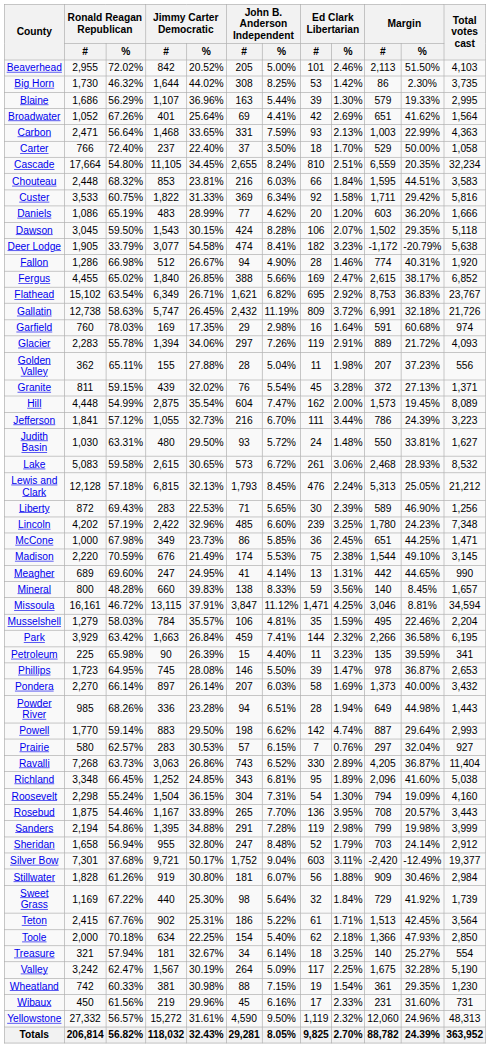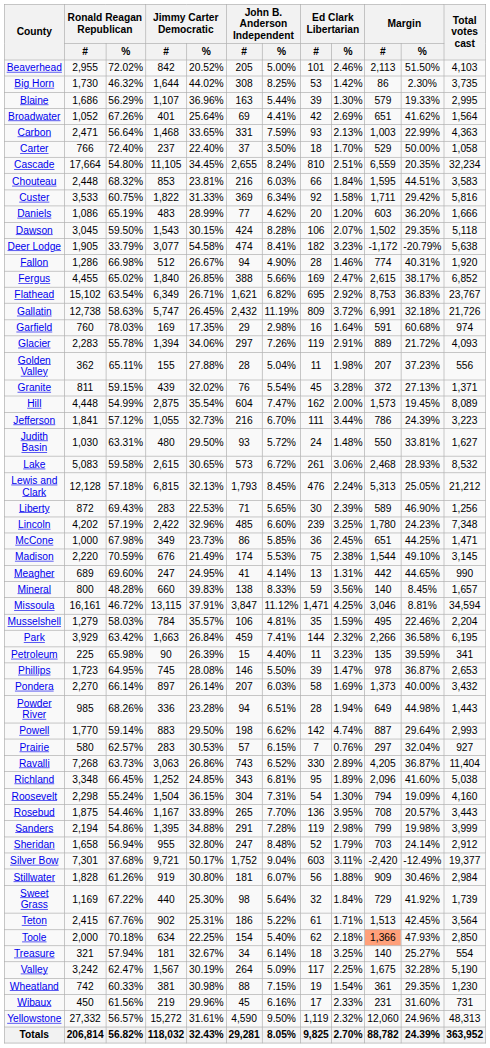 <table width="65%"  class="wikitable sortable" style="text-align:center">
 <tr>
 <th colspan="1" rowspan="2">County</th>
 <th style="text-align:center;" colspan="2">Ronald Reagan<br>Republican</th>
 <th style="text-align:center;" colspan="2">Jimmy Carter<br>Democratic</th>
 <th style="text-align:center;" colspan="2">John B. Anderson<br>Independent</th>
 <th style="text-align:center;" colspan="2">Ed Clark<br>Libertarian</th>
 <th style="text-align:center;" colspan="2">Margin</th>
 <th colspan="1" rowspan="2" style="text-align:center;">Total votes cast</th>
 </tr>
 <tr>
 <th style="text-align:center;" data-sort-type="number">#</th>
 <th style="text-align:center;" data-sort-type="number">%</th>
 <th style="text-align:center;" data-sort-type="number">#</th>
 <th style="text-align:center;" data-sort-type="number">%</th>
 <th style="text-align:center;" data-sort-type="number">#</th>
 <th style="text-align:center;" data-sort-type="number">%</th>
 <th style="text-align:center;" data-sort-type="number">#</th>
 <th style="text-align:center;" data-sort-type="number">%</th>
 <th style="text-align:center;" data-sort-type="number">#</th>
 <th style="text-align:center;" data-sort-type="number">%</th>
 </tr>
 <tr style="text-align:center;">
 <td><a href='#'>Beaverhead</a></td>
 <td>2,955</td>
 <td>72.02%</td>
 <td>842</td>
 <td>20.52%</td>
 <td>205</td>
 <td>5.00%</td>
 <td>101</td>
 <td>2.46%</td>
 <td>2,113</td>
 <td>51.50%</td>
 <td>4,103</td>
 </tr>
 <tr style="text-align:center;">
 <td><a href='#'>Big Horn</a></td>
 <td>1,730</td>
 <td>46.32%</td>
 <td>1,644</td>
 <td>44.02%</td>
 <td>308</td>
 <td>8.25%</td>
 <td>53</td>
 <td>1.42%</td>
 <td>86</td>
 <td>2.30%</td>
 <td>3,735</td>
 </tr>
 <tr style="text-align:center;">
 <td><a href='#'>Blaine</a></td>
 <td>1,686</td>
 <td>56.29%</td>
 <td>1,107</td>
 <td>36.96%</td>
 <td>163</td>
 <td>5.44%</td>
 <td>39</td>
 <td>1.30%</td>
 <td>579</td>
 <td>19.33%</td>
 <td>2,995</td>
 </tr>
 <tr style="text-align:center;">
 <td><a href='#'>Broadwater</a></td>
 <td>1,052</td>
 <td>67.26%</td>
 <td>401</td>
 <td>25.64%</td>
 <td>69</td>
 <td>4.41%</td>
 <td>42</td>
 <td>2.69%</td>
 <td>651</td>
 <td>41.62%</td>
 <td>1,564</td>
 </tr>
 <tr style="text-align:center;">
 <td><a href='#'>Carbon</a></td>
 <td>2,471</td>
 <td>56.64%</td>
 <td>1,468</td>
 <td>33.65%</td>
 <td>331</td>
 <td>7.59%</td>
 <td>93</td>
 <td>2.13%</td>
 <td>1,003</td>
 <td>22.99%</td>
 <td>4,363</td>
 </tr>
 <tr style="text-align:center;">
 <td><a href='#'>Carter</a></td>
 <td>766</td>
 <td>72.40%</td>
 <td>237</td>
 <td>22.40%</td>
 <td>37</td>
 <td>3.50%</td>
 <td>18</td>
 <td>1.70%</td>
 <td>529</td>
 <td>50.00%</td>
 <td>1,058</td>
 </tr>
 <tr style="text-align:center;">
 <td><a href='#'>Cascade</a></td>
 <td>17,664</td>
 <td>54.80%</td>
 <td>11,105</td>
 <td>34.45%</td>
 <td>2,655</td>
 <td>8.24%</td>
 <td>810</td>
 <td>2.51%</td>
 <td>6,559</td>
 <td>20.35%</td>
 <td>32,234</td>
 </tr>
 <tr style="text-align:center;">
 <td><a href='#'>Chouteau</a></td>
 <td>2,448</td>
 <td>68.32%</td>
 <td>853</td>
 <td>23.81%</td>
 <td>216</td>
 <td>6.03%</td>
 <td>66</td>
 <td>1.84%</td>
 <td>1,595</td>
 <td>44.51%</td>
 <td>3,583</td>
 </tr>
 <tr style="text-align:center;">
 <td><a href='#'>Custer</a></td>
 <td>3,533</td>
 <td>60.75%</td>
 <td>1,822</td>
 <td>31.33%</td>
 <td>369</td>
 <td>6.34%</td>
 <td>92</td>
 <td>1.58%</td>
 <td>1,711</td>
 <td>29.42%</td>
 <td>5,816</td>
 </tr>
 <tr style="text-align:center;">
 <td><a href='#'>Daniels</a></td>
 <td>1,086</td>
 <td>65.19%</td>
 <td>483</td>
 <td>28.99%</td>
 <td>77</td>
 <td>4.62%</td>
 <td>20</td>
 <td>1.20%</td>
 <td>603</td>
 <td>36.20%</td>
 <td>1,666</td>
 </tr>
 <tr style="text-align:center;">
 <td><a href='#'>Dawson</a></td>
 <td>3,045</td>
 <td>59.50%</td>
 <td>1,543</td>
 <td>30.15%</td>
 <td>424</td>
 <td>8.28%</td>
 <td>106</td>
 <td>2.07%</td>
 <td>1,502</td>
 <td>29.35%</td>
 <td>5,118</td>
 </tr>
 <tr style="text-align:center;">
 <td><a href='#'>Deer Lodge</a></td>
 <td>1,905</td>
 <td>33.79%</td>
 <td>3,077</td>
 <td>54.58%</td>
 <td>474</td>
 <td>8.41%</td>
 <td>182</td>
 <td>3.23%</td>
 <td>-1,172</td>
 <td>-20.79%</td>
 <td>5,638</td>
 </tr>
 <tr style="text-align:center;">
 <td><a href='#'>Fallon</a></td>
 <td>1,286</td>
 <td>66.98%</td>
 <td>512</td>
 <td>26.67%</td>
 <td>94</td>
 <td>4.90%</td>
 <td>28</td>
 <td>1.46%</td>
 <td>774</td>
 <td>40.31%</td>
 <td>1,920</td>
 </tr>
 <tr style="text-align:center;">
 <td><a href='#'>Fergus</a></td>
 <td>4,455</td>
 <td>65.02%</td>
 <td>1,840</td>
 <td>26.85%</td>
 <td>388</td>
 <td>5.66%</td>
 <td>169</td>
 <td>2.47%</td>
 <td>2,615</td>
 <td>38.17%</td>
 <td>6,852</td>
 </tr>
 <tr style="text-align:center;">
 <td><a href='#'>Flathead</a></td>
 <td>15,102</td>
 <td>63.54%</td>
 <td>6,349</td>
 <td>26.71%</td>
 <td>1,621</td>
 <td>6.82%</td>
 <td>695</td>
 <td>2.92%</td>
 <td>8,753</td>
 <td>36.83%</td>
 <td>23,767</td>
 </tr>
 <tr style="text-align:center;">
 <td><a href='#'>Gallatin</a></td>
 <td>12,738</td>
 <td>58.63%</td>
 <td>5,747</td>
 <td>26.45%</td>
 <td>2,432</td>
 <td>11.19%</td>
 <td>809</td>
 <td>3.72%</td>
 <td>6,991</td>
 <td>32.18%</td>
 <td>21,726</td>
 </tr>
 <tr style="text-align:center;">
 <td><a href='#'>Garfield</a></td>
 <td>760</td>
 <td>78.03%</td>
 <td>169</td>
 <td>17.35%</td>
 <td>29</td>
 <td>2.98%</td>
 <td>16</td>
 <td>1.64%</td>
 <td>591</td>
 <td>60.68%</td>
 <td>974</td>
 </tr>
 <tr style="text-align:center;">
 <td><a href='#'>Glacier</a></td>
 <td>2,283</td>
 <td>55.78%</td>
 <td>1,394</td>
 <td>34.06%</td>
 <td>297</td>
 <td>7.26%</td>
 <td>119</td>
 <td>2.91%</td>
 <td>889</td>
 <td>21.72%</td>
 <td>4,093</td>
 </tr>
 <tr style="text-align:center;">
 <td><a href='#'>Golden Valley</a></td>
 <td>362</td>
 <td>65.11%</td>
 <td>155</td>
 <td>27.88%</td>
 <td>28</td>
 <td>5.04%</td>
 <td>11</td>
 <td>1.98%</td>
 <td>207</td>
 <td>37.23%</td>
 <td>556</td>
 </tr>
 <tr style="text-align:center;">
 <td><a href='#'>Granite</a></td>
 <td>811</td>
 <td>59.15%</td>
 <td>439</td>
 <td>32.02%</td>
 <td>76</td>
 <td>5.54%</td>
 <td>45</td>
 <td>3.28%</td>
 <td>372</td>
 <td>27.13%</td>
 <td>1,371</td>
 </tr>
 <tr style="text-align:center;">
 <td><a href='#'>Hill</a></td>
 <td>4,448</td>
 <td>54.99%</td>
 <td>2,875</td>
 <td>35.54%</td>
 <td>604</td>
 <td>7.47%</td>
 <td>162</td>
 <td>2.00%</td>
 <td>1,573</td>
 <td>19.45%</td>
 <td>8,089</td>
 </tr>
 <tr style="text-align:center;">
 <td><a href='#'>Jefferson</a></td>
 <td>1,841</td>
 <td>57.12%</td>
 <td>1,055</td>
 <td>32.73%</td>
 <td>216</td>
 <td>6.70%</td>
 <td>111</td>
 <td>3.44%</td>
 <td>786</td>
 <td>24.39%</td>
 <td>3,223</td>
 </tr>
 <tr style="text-align:center;">
 <td><a href='#'>Judith Basin</a></td>
 <td>1,030</td>
 <td>63.31%</td>
 <td>480</td>
 <td>29.50%</td>
 <td>93</td>
 <td>5.72%</td>
 <td>24</td>
 <td>1.48%</td>
 <td>550</td>
 <td>33.81%</td>
 <td>1,627</td>
 </tr>
 <tr style="text-align:center;">
 <td><a href='#'>Lake</a></td>
 <td>5,083</td>
 <td>59.58%</td>
 <td>2,615</td>
 <td>30.65%</td>
 <td>573</td>
 <td>6.72%</td>
 <td>261</td>
 <td>3.06%</td>
 <td>2,468</td>
 <td>28.93%</td>
 <td>8,532</td>
 </tr>
 <tr style="text-align:center;">
 <td><a href='#'>Lewis and Clark</a></td>
 <td>12,128</td>
 <td>57.18%</td>
 <td>6,815</td>
 <td>32.13%</td>
 <td>1,793</td>
 <td>8.45%</td>
 <td>476</td>
 <td>2.24%</td>
 <td>5,313</td>
 <td>25.05%</td>
 <td>21,212</td>
 </tr>
 <tr style="text-align:center;">
 <td><a href='#'>Liberty</a></td>
 <td>872</td>
 <td>69.43%</td>
 <td>283</td>
 <td>22.53%</td>
 <td>71</td>
 <td>5.65%</td>
 <td>30</td>
 <td>2.39%</td>
 <td>589</td>
 <td>46.90%</td>
 <td>1,256</td>
 </tr>
 <tr style="text-align:center;">
 <td><a href='#'>Lincoln</a></td>
 <td>4,202</td>
 <td>57.19%</td>
 <td>2,422</td>
 <td>32.96%</td>
 <td>485</td>
 <td>6.60%</td>
 <td>239</td>
 <td>3.25%</td>
 <td>1,780</td>
 <td>24.23%</td>
 <td>7,348</td>
 </tr>
 <tr style="text-align:center;">
 <td><a href='#'>McCone</a></td>
 <td>1,000</td>
 <td>67.98%</td>
 <td>349</td>
 <td>23.73%</td>
 <td>86</td>
 <td>5.85%</td>
 <td>36</td>
 <td>2.45%</td>
 <td>651</td>
 <td>44.25%</td>
 <td>1,471</td>
 </tr>
 <tr style="text-align:center;">
 <td><a href='#'>Madison</a></td>
 <td>2,220</td>
 <td>70.59%</td>
 <td>676</td>
 <td>21.49%</td>
 <td>174</td>
 <td>5.53%</td>
 <td>75</td>
 <td>2.38%</td>
 <td>1,544</td>
 <td>49.10%</td>
 <td>3,145</td>
 </tr>
 <tr style="text-align:center;">
 <td><a href='#'>Meagher</a></td>
 <td>689</td>
 <td>69.60%</td>
 <td>247</td>
 <td>24.95%</td>
 <td>41</td>
 <td>4.14%</td>
 <td>13</td>
 <td>1.31%</td>
 <td>442</td>
 <td>44.65%</td>
 <td>990</td>
 </tr>
 <tr style="text-align:center;">
 <td><a href='#'>Mineral</a></td>
 <td>800</td>
 <td>48.28%</td>
 <td>660</td>
 <td>39.83%</td>
 <td>138</td>
 <td>8.33%</td>
 <td>59</td>
 <td>3.56%</td>
 <td>140</td>
 <td>8.45%</td>
 <td>1,657</td>
 </tr>
 <tr style="text-align:center;">
 <td><a href='#'>Missoula</a></td>
 <td>16,161</td>
 <td>46.72%</td>
 <td>13,115</td>
 <td>37.91%</td>
 <td>3,847</td>
 <td>11.12%</td>
 <td>1,471</td>
 <td>4.25%</td>
 <td>3,046</td>
 <td>8.81%</td>
 <td>34,594</td>
 </tr>
 <tr style="text-align:center;">
 <td><a href='#'>Musselshell</a></td>
 <td>1,279</td>
 <td>58.03%</td>
 <td>784</td>
 <td>35.57%</td>
 <td>106</td>
 <td>4.81%</td>
 <td>35</td>
 <td>1.59%</td>
 <td>495</td>
 <td>22.46%</td>
 <td>2,204</td>
 </tr>
 <tr style="text-align:center;">
 <td><a href='#'>Park</a></td>
 <td>3,929</td>
 <td>63.42%</td>
 <td>1,663</td>
 <td>26.84%</td>
 <td>459</td>
 <td>7.41%</td>
 <td>144</td>
 <td>2.32%</td>
 <td>2,266</td>
 <td>36.58%</td>
 <td>6,195</td>
 </tr>
 <tr style="text-align:center;">
 <td><a href='#'>Petroleum</a></td>
 <td>225</td>
 <td>65.98%</td>
 <td>90</td>
 <td>26.39%</td>
 <td>15</td>
 <td>4.40%</td>
 <td>11</td>
 <td>3.23%</td>
 <td>135</td>
 <td>39.59%</td>
 <td>341</td>
 </tr>
 <tr style="text-align:center;">
 <td><a href='#'>Phillips</a></td>
 <td>1,723</td>
 <td>64.95%</td>
 <td>745</td>
 <td>28.08%</td>
 <td>146</td>
 <td>5.50%</td>
 <td>39</td>
 <td>1.47%</td>
 <td>978</td>
 <td>36.87%</td>
 <td>2,653</td>
 </tr>
 <tr style="text-align:center;">
 <td><a href='#'>Pondera</a></td>
 <td>2,270</td>
 <td>66.14%</td>
 <td>897</td>
 <td>26.14%</td>
 <td>207</td>
 <td>6.03%</td>
 <td>58</td>
 <td>1.69%</td>
 <td>1,373</td>
 <td>40.00%</td>
 <td>3,432</td>
 </tr>
 <tr style="text-align:center;">
 <td><a href='#'>Powder River</a></td>
 <td>985</td>
 <td>68.26%</td>
 <td>336</td>
 <td>23.28%</td>
 <td>94</td>
 <td>6.51%</td>
 <td>28</td>
 <td>1.94%</td>
 <td>649</td>
 <td>44.98%</td>
 <td>1,443</td>
 </tr>
 <tr style="text-align:center;">
 <td><a href='#'>Powell</a></td>
 <td>1,770</td>
 <td>59.14%</td>
 <td>883</td>
 <td>29.50%</td>
 <td>198</td>
 <td>6.62%</td>
 <td>142</td>
 <td>4.74%</td>
 <td>887</td>
 <td>29.64%</td>
 <td>2,993</td>
 </tr>
 <tr style="text-align:center;">
 <td><a href='#'>Prairie</a></td>
 <td>580</td>
 <td>62.57%</td>
 <td>283</td>
 <td>30.53%</td>
 <td>57</td>
 <td>6.15%</td>
 <td>7</td>
 <td>0.76%</td>
 <td>297</td>
 <td>32.04%</td>
 <td>927</td>
 </tr>
 <tr style="text-align:center;">
 <td><a href='#'>Ravalli</a></td>
 <td>7,268</td>
 <td>63.73%</td>
 <td>3,063</td>
 <td>26.86%</td>
 <td>743</td>
 <td>6.52%</td>
 <td>330</td>
 <td>2.89%</td>
 <td>4,205</td>
 <td>36.87%</td>
 <td>11,404</td>
 </tr>
 <tr style="text-align:center;">
 <td><a href='#'>Richland</a></td>
 <td>3,348</td>
 <td>66.45%</td>
 <td>1,252</td>
 <td>24.85%</td>
 <td>343</td>
 <td>6.81%</td>
 <td>95</td>
 <td>1.89%</td>
 <td>2,096</td>
 <td>41.60%</td>
 <td>5,038</td>
 </tr>
 <tr style="text-align:center;">
 <td><a href='#'>Roosevelt</a></td>
 <td>2,298</td>
 <td>55.24%</td>
 <td>1,504</td>
 <td>36.15%</td>
 <td>304</td>
 <td>7.31%</td>
 <td>54</td>
 <td>1.30%</td>
 <td>794</td>
 <td>19.09%</td>
 <td>4,160</td>
 </tr>
 <tr style="text-align:center;">
 <td><a href='#'>Rosebud</a></td>
 <td>1,875</td>
 <td>54.46%</td>
 <td>1,167</td>
 <td>33.89%</td>
 <td>265</td>
 <td>7.70%</td>
 <td>136</td>
 <td>3.95%</td>
 <td>708</td>
 <td>20.57%</td>
 <td>3,443</td>
 </tr>
 <tr style="text-align:center;">
 <td><a href='#'>Sanders</a></td>
 <td>2,194</td>
 <td>54.86%</td>
 <td>1,395</td>
 <td>34.88%</td>
 <td>291</td>
 <td>7.28%</td>
 <td>119</td>
 <td>2.98%</td>
 <td>799</td>
 <td>19.98%</td>
 <td>3,999</td>
 </tr>
 <tr style="text-align:center;">
 <td><a href='#'>Sheridan</a></td>
 <td>1,658</td>
 <td>56.94%</td>
 <td>955</td>
 <td>32.80%</td>
 <td>247</td>
 <td>8.48%</td>
 <td>52</td>
 <td>1.79%</td>
 <td>703</td>
 <td>24.14%</td>
 <td>2,912</td>
 </tr>
 <tr style="text-align:center;">
 <td><a href='#'>Silver Bow</a></td>
 <td>7,301</td>
 <td>37.68%</td>
 <td>9,721</td>
 <td>50.17%</td>
 <td>1,752</td>
 <td>9.04%</td>
 <td>603</td>
 <td>3.11%</td>
 <td>-2,420</td>
 <td>-12.49%</td>
 <td>19,377</td>
 </tr>
 <tr style="text-align:center;">
 <td><a href='#'>Stillwater</a></td>
 <td>1,828</td>
 <td>61.26%</td>
 <td>919</td>
 <td>30.80%</td>
 <td>181</td>
 <td>6.07%</td>
 <td>56</td>
 <td>1.88%</td>
 <td>909</td>
 <td>30.46%</td>
 <td>2,984</td>
 </tr>
 <tr style="text-align:center;">
 <td><a href='#'>Sweet Grass</a></td>
 <td>1,169</td>
 <td>67.22%</td>
 <td>440</td>
 <td>25.30%</td>
 <td>98</td>
 <td>5.64%</td>
 <td>32</td>
 <td>1.84%</td>
 <td>729</td>
 <td>41.92%</td>
 <td>1,739</td>
 </tr>
 <tr style="text-align:center;">
 <td><a href='#'>Teton</a></td>
 <td>2,415</td>
 <td>67.76%</td>
 <td>902</td>
 <td>25.31%</td>
 <td>186</td>
 <td>5.22%</td>
 <td>61</td>
 <td>1.71%</td>
 <td>1,513</td>
 <td>42.45%</td>
 <td>3,564</td>
 </tr>
 <tr style="text-align:center;">
 <td><a href='#'>Toole</a></td>
 <td>2,000</td>
 <td>70.18%</td>
 <td>634</td>
 <td>22.25%</td>
 <td>154</td>
 <td>5.40%</td>
 <td>62</td>
 <td>2.18%</td>
-<td>1,366</td>
+<td style="background: lightsalmon;">1,366</td>
 <td>47.93%</td>
 <td>2,850</td>
 </tr>
 <tr style="text-align:center;">
 <td><a href='#'>Treasure</a></td>
 <td>321</td>
 <td>57.94%</td>
 <td>181</td>
 <td>32.67%</td>
 <td>34</td>
 <td>6.14%</td>
 <td>18</td>
 <td>3.25%</td>
 <td>140</td>
 <td>25.27%</td>
 <td>554</td>
 </tr>
 <tr style="text-align:center;">
 <td><a href='#'>Valley</a></td>
 <td>3,242</td>
 <td>62.47%</td>
 <td>1,567</td>
 <td>30.19%</td>
 <td>264</td>
 <td>5.09%</td>
 <td>117</td>
 <td>2.25%</td>
 <td>1,675</td>
 <td>32.28%</td>
 <td>5,190</td>
 </tr>
 <tr style="text-align:center;">
 <td><a href='#'>Wheatland</a></td>
 <td>742</td>
 <td>60.33%</td>
 <td>381</td>
 <td>30.98%</td>
 <td>88</td>
 <td>7.15%</td>
 <td>19</td>
 <td>1.54%</td>
 <td>361</td>
 <td>29.35%</td>
 <td>1,230</td>
 </tr>
 <tr style="text-align:center;">
 <td><a href='#'>Wibaux</a></td>
 <td>450</td>
 <td>61.56%</td>
 <td>219</td>
 <td>29.96%</td>
 <td>45</td>
 <td>6.16%</td>
 <td>17</td>
 <td>2.33%</td>
 <td>231</td>
 <td>31.60%</td>
 <td>731</td>
 </tr>
 <tr style="text-align:center;">
 <td><a href='#'>Yellowstone</a></td>
 <td>27,332</td>
 <td>56.57%</td>
 <td>15,272</td>
 <td>31.61%</td>
 <td>4,590</td>
 <td>9.50%</td>
 <td>1,119</td>
 <td>2.32%</td>
 <td>12,060</td>
 <td>24.96%</td>
 <td>48,313</td>
 </tr>
 <tr style="text-align:center;">
 <th>Totals</th>
 <th>206,814</th>
 <th>56.82%</th>
 <th>118,032</th>
 <th>32.43%</th>
 <th>29,281</th>
 <th>8.05%</th>
 <th>9,825</th>
 <th>2.70%</th>
 <th>88,782</th>
 <th>24.39%</th>
 <th>363,952</th>
 </tr>
 </table>
